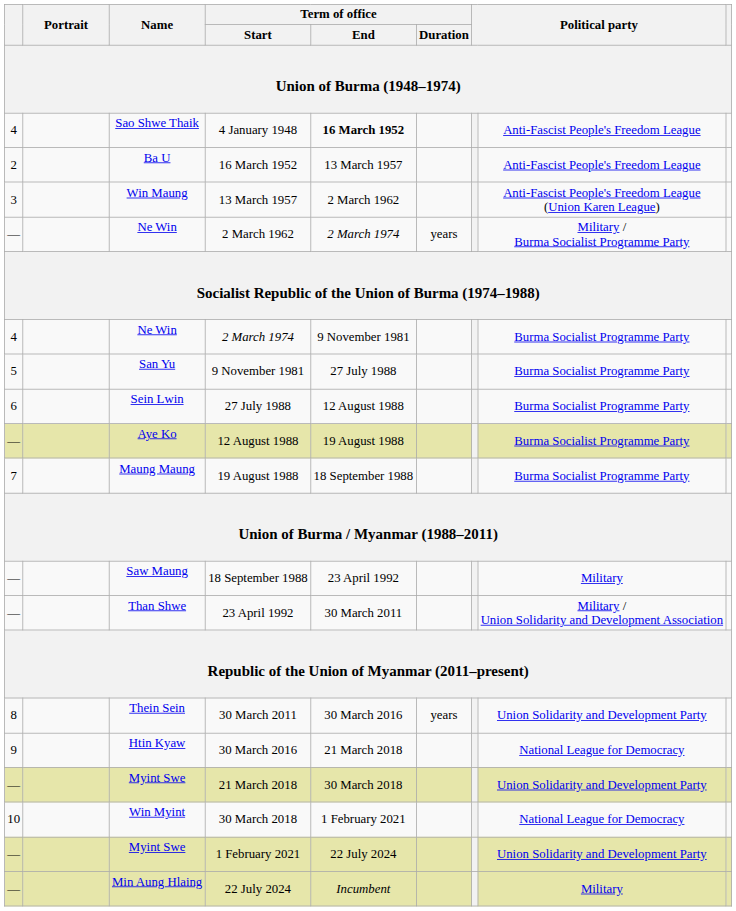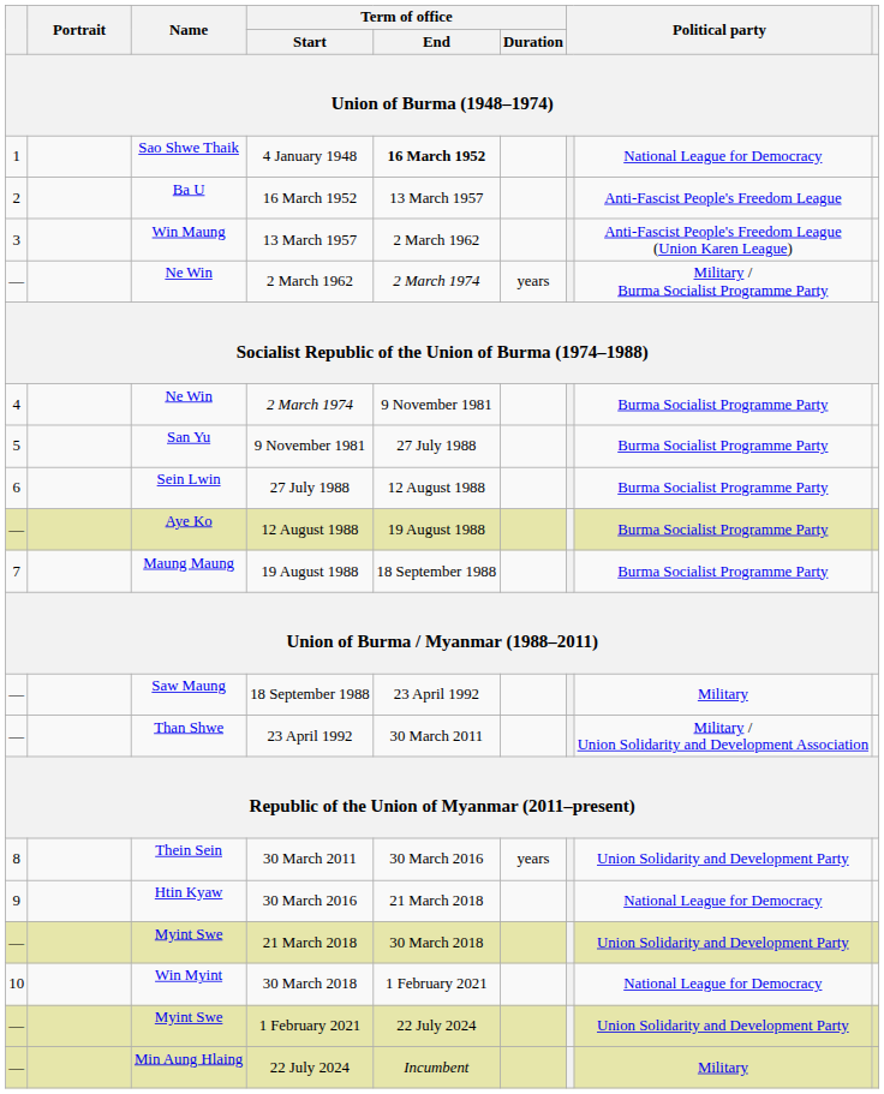 <table class="wikitable" style="text-align:center;">
 <tr>
 <th rowspan=2></th>
 <th rowspan=2 width=100>Portrait</th>
 <th rowspan=2>Name<br></th>
 <th colspan=3>Term of office</th>
 <th colspan=2 rowspan=2>Political party</th>
 <th rowspan=2></th>
 </tr>
 <tr>
 <th>Start</th>
 <th>End</th>
 <th>Duration</th>
 </tr>
 <tr>
 <th colspan="9"><br><h3>Union of Burma (1948–1974)</h3></th>
 </tr>
 <tr>
-<td>4</td>
+<td>1</td>
 <td></td>
 <td><a href='#'>Sao Shwe Thaik</a><br><br></td>
 <td>4 January 1948</td>
 <td><strong>16 March 1952</strong></td>
 <td></td>
 <th style="background:"></th>
-<td><a href='#'>Anti-Fascist People's Freedom League</a></td>
+<td><a href='#'>National League for Democracy</a></td>
 <td></td>
 </tr>
 <tr>
 <td>2</td>
 <td></td>
 <td><a href='#'>Ba U</a><br><br></td>
 <td>16 March 1952</td>
 <td>13 March 1957</td>
 <td></td>
 <th style="background:"></th>
 <td><a href='#'>Anti-Fascist People's Freedom League</a></td>
 <td></td>
 </tr>
 <tr>
 <td>3</td>
 <td></td>
 <td><a href='#'>Win Maung</a><br><br></td>
 <td>13 March 1957</td>
 <td>2 March 1962<br></td>
 <td></td>
 <th style="background:"></th>
 <td><a href='#'>Anti-Fascist People's Freedom League</a><br>(<a href='#'>Union Karen League</a>)</td>
 <td></td>
 </tr>
 <tr>
 <td>—</td>
 <td></td>
 <td><a href='#'>Ne Win</a><br><br></td>
 <td>2 March 1962</td>
 <td><em>2 March 1974</em></td>
 <td> years</td>
 <th style="background:"></th>
 <td><a href='#'>Military</a> / <br> <a href='#'>Burma Socialist Programme Party</a></td>
 <td></td>
 </tr>
 <tr>
 <th colspan="9"><br><h3>Socialist Republic of the Union of Burma (1974–1988)</h3></th>
 </tr>
 <tr>
 <td>4</td>
 <td></td>
 <td><a href='#'>Ne Win</a><br><br></td>
 <td><em>2 March 1974</em></td>
 <td>9 November 1981<br></td>
 <td></td>
 <th style="background:"></th>
 <td><a href='#'>Burma Socialist Programme Party</a></td>
 <td></td>
 </tr>
 <tr>
 <td>5</td>
 <td></td>
 <td><a href='#'>San Yu</a><br><br></td>
 <td>9 November 1981</td>
 <td>27 July 1988<br></td>
 <td></td>
 <th style="background:"></th>
 <td><a href='#'>Burma Socialist Programme Party</a></td>
 <td></td>
 </tr>
 <tr>
 <td>6</td>
 <td></td>
 <td><a href='#'>Sein Lwin</a><br><br></td>
 <td>27 July 1988</td>
 <td>12 August 1988<br></td>
 <td></td>
 <th style="background:"></th>
 <td><a href='#'>Burma Socialist Programme Party</a></td>
 <td></td>
 </tr>
 <tr style="background:#e6e6aa;">
 <td>—</td>
 <td></td>
 <td><a href='#'>Aye Ko</a><br><br></td>
 <td>12 August 1988</td>
 <td>19 August 1988</td>
 <td></td>
 <th style="background:"></th>
 <td><a href='#'>Burma Socialist Programme Party</a></td>
 <td></td>
 </tr>
 <tr>
 <td>7</td>
 <td></td>
 <td><a href='#'>Maung Maung</a><br><br></td>
 <td>19 August 1988</td>
 <td>18 September 1988<br></td>
 <td></td>
 <th style="background:"></th>
 <td><a href='#'>Burma Socialist Programme Party</a></td>
 <td></td>
 </tr>
 <tr>
 <th colspan="9"><br><h3>Union of Burma / Myanmar (1988–2011)</h3></th>
 </tr>
 <tr>
 <td>—</td>
 <td></td>
 <td><a href='#'>Saw Maung</a><br><br></td>
 <td>18 September 1988</td>
 <td>23 April 1992<br></td>
 <td></td>
 <th style="background:"></th>
 <td><a href='#'>Military</a></td>
 <td></td>
 </tr>
 <tr>
 <td>—</td>
 <td></td>
 <td><a href='#'>Than Shwe</a><br><br></td>
 <td>23 April 1992</td>
 <td>30 March 2011</td>
 <td></td>
 <th style="background:"></th>
 <td><a href='#'>Military</a> / <br> <a href='#'>Union Solidarity and Development Association</a></td>
 <td></td>
 </tr>
 <tr>
 <th colspan="9"><br><h3>Republic of the Union of Myanmar (2011–present)</h3></th>
 </tr>
 <tr>
 <td>8</td>
 <td></td>
 <td><a href='#'>Thein Sein</a><br><br></td>
 <td>30 March 2011</td>
 <td>30 March 2016</td>
 <td> years</td>
 <th style="background:"></th>
 <td><a href='#'>Union Solidarity and Development Party</a></td>
 <td></td>
 </tr>
 <tr>
 <td>9</td>
 <td></td>
 <td><a href='#'>Htin Kyaw</a><br><br></td>
 <td>30 March 2016</td>
 <td>21 March 2018<br></td>
 <td></td>
 <th style="background:"></th>
 <td><a href='#'>National League for Democracy</a></td>
 <td></td>
 </tr>
 <tr style="background:#e6e6aa;">
 <td>—</td>
 <td></td>
 <td><a href='#'>Myint Swe</a><br><br></td>
 <td>21 March 2018</td>
 <td>30 March 2018</td>
 <td></td>
 <th style="background:"></th>
 <td><a href='#'>Union Solidarity and Development Party</a></td>
 <td></td>
 </tr>
 <tr>
 <td>10</td>
 <td></td>
 <td><a href='#'>Win Myint</a><br><br></td>
 <td>30 March 2018</td>
 <td>1 February 2021<br></td>
 <td></td>
 <th style="background:"></th>
 <td><a href='#'>National League for Democracy</a></td>
 <td></td>
 </tr>
 <tr style="background:#e6e6aa;">
 <td>—</td>
 <td></td>
 <td><a href='#'>Myint Swe</a><br><br></td>
 <td>1 February 2021</td>
 <td>22 July 2024</td>
 <td></td>
 <th style="background:"></th>
 <td><a href='#'>Union Solidarity and Development Party</a></td>
 <td></td>
 </tr>
 <tr style="background:#e6e6aa;">
 <td>—</td>
 <td></td>
 <td><a href='#'>Min Aung Hlaing</a><br><br></td>
 <td>22 July 2024</td>
 <td><em>Incumbent</em></td>
 <td></td>
 <th style="background:"></th>
 <td><a href='#'>Military</a></td>
 <td></td>
 </tr>
 </table>
